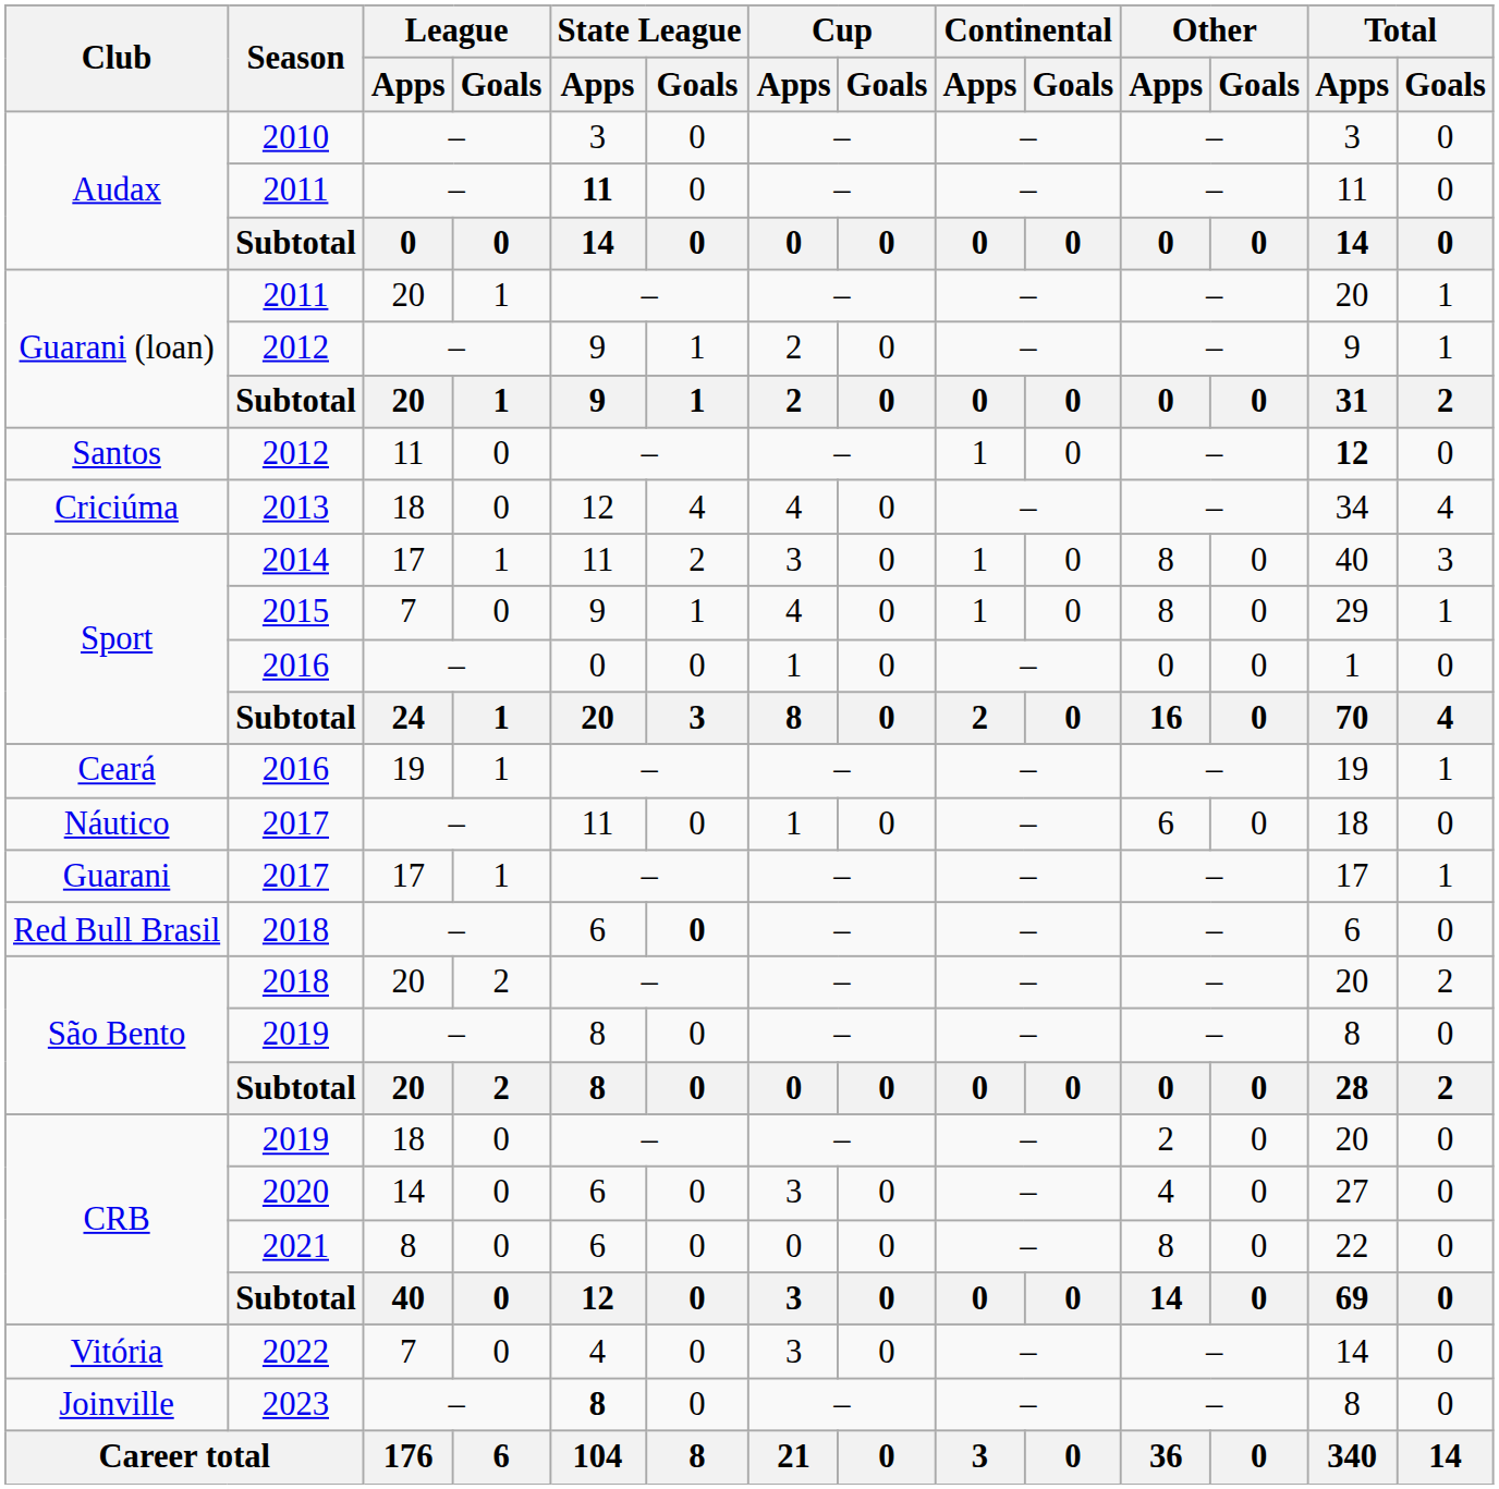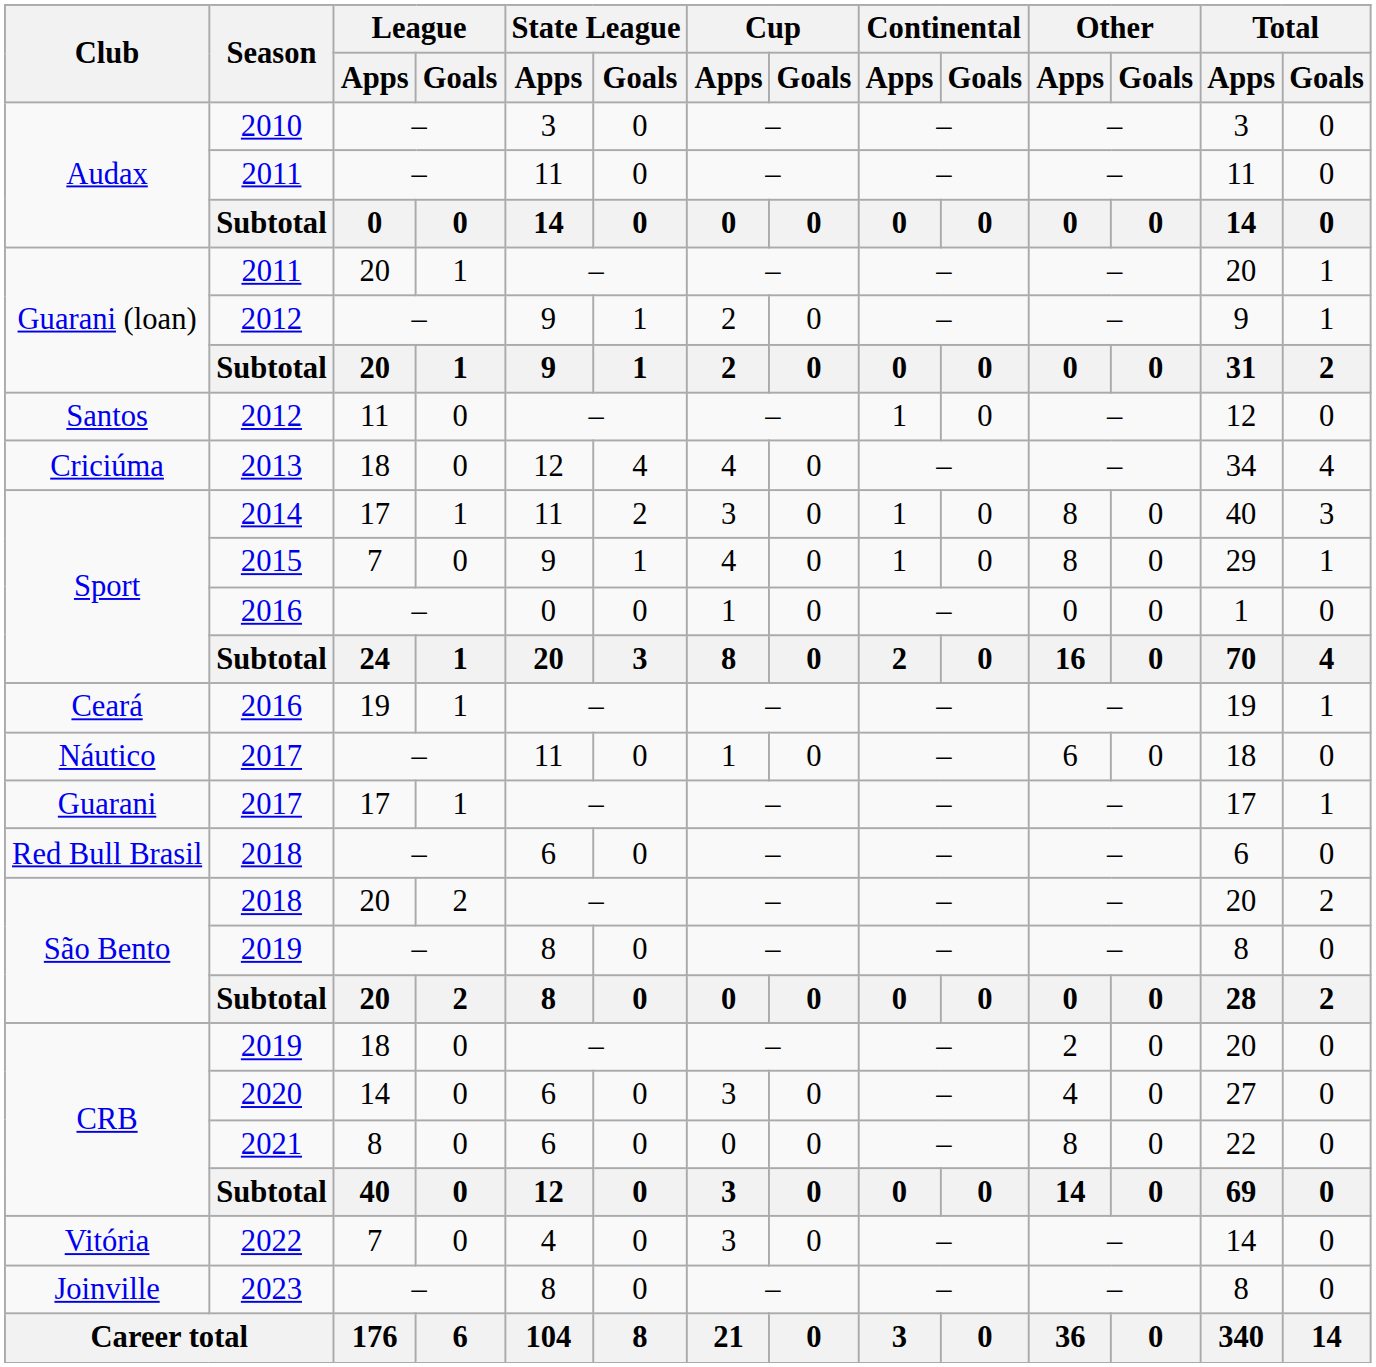 <table class="wikitable" style="text-align: center;">
 <tr>
 <th rowspan="2">Club</th>
 <th rowspan="2">Season</th>
 <th colspan="2">League</th>
 <th colspan="2">State League</th>
 <th colspan="2">Cup</th>
 <th colspan="2">Continental</th>
 <th colspan="2">Other</th>
 <th colspan="2">Total</th>
 </tr>
 <tr>
 <th>Apps</th>
 <th>Goals</th>
 <th>Apps</th>
 <th>Goals</th>
 <th>Apps</th>
 <th>Goals</th>
 <th>Apps</th>
 <th>Goals</th>
 <th>Apps</th>
 <th>Goals</th>
 <th>Apps</th>
 <th>Goals</th>
 </tr>
 <tr>
 <td rowspan="3" valign="center"><a href='#'>Audax</a></td>
 <td><a href='#'>2010</a></td>
 <td colspan=2>–</td>
 <td>3</td>
 <td>0</td>
 <td colspan=2>–</td>
 <td colspan=2>–</td>
 <td colspan=2>–</td>
 <td>3</td>
 <td>0</td>
 </tr>
 <tr>
 <td><a href='#'>2011</a></td>
 <td colspan=2>–</td>
-<td><strong>11</strong></td>
+<td>11</td>
 <td>0</td>
 <td colspan=2>–</td>
 <td colspan=2>–</td>
 <td colspan=2>–</td>
 <td>11</td>
 <td>0</td>
 </tr>
 <tr>
 <th><strong>Subtotal</strong></th>
 <th>0</th>
 <th>0</th>
 <th>14</th>
 <th>0</th>
 <th>0</th>
 <th>0</th>
 <th>0</th>
 <th>0</th>
 <th>0</th>
 <th>0</th>
 <th>14</th>
 <th>0</th>
 </tr>
 <tr>
 <td rowspan="3" valign="center"><a href='#'>Guarani</a> (loan)</td>
 <td><a href='#'>2011</a></td>
 <td>20</td>
 <td>1</td>
 <td colspan=2>–</td>
 <td colspan=2>–</td>
 <td colspan=2>–</td>
 <td colspan=2>–</td>
 <td>20</td>
 <td>1</td>
 </tr>
 <tr>
 <td><a href='#'>2012</a></td>
 <td colspan=2>–</td>
 <td>9</td>
 <td>1</td>
 <td>2</td>
 <td>0</td>
 <td colspan=2>–</td>
 <td colspan=2>–</td>
 <td>9</td>
 <td>1</td>
 </tr>
 <tr>
 <th><strong>Subtotal</strong></th>
 <th>20</th>
 <th>1</th>
 <th>9</th>
 <th>1</th>
 <th>2</th>
 <th>0</th>
 <th>0</th>
 <th>0</th>
 <th>0</th>
 <th>0</th>
 <th>31</th>
 <th>2</th>
 </tr>
 <tr>
 <td rowspan="1" valign="center"><a href='#'>Santos</a></td>
 <td><a href='#'>2012</a></td>
 <td>11</td>
 <td>0</td>
 <td colspan=2>–</td>
 <td colspan=2>–</td>
 <td>1</td>
 <td>0</td>
 <td colspan=2>–</td>
-<td><strong>12</strong></td>
+<td>12</td>
 <td>0</td>
 </tr>
 <tr>
 <td rowspan="1" valign="center"><a href='#'>Criciúma</a></td>
 <td><a href='#'>2013</a></td>
 <td>18</td>
 <td>0</td>
 <td>12</td>
 <td>4</td>
 <td>4</td>
 <td>0</td>
 <td colspan=2>–</td>
 <td colspan=2>–</td>
 <td>34</td>
 <td>4</td>
 </tr>
 <tr>
 <td rowspan="4" valign="center"><a href='#'>Sport</a></td>
 <td><a href='#'>2014</a></td>
 <td>17</td>
 <td>1</td>
 <td>11</td>
 <td>2</td>
 <td>3</td>
 <td>0</td>
 <td>1</td>
 <td>0</td>
 <td>8</td>
 <td>0</td>
 <td>40</td>
 <td>3</td>
 </tr>
 <tr>
 <td><a href='#'>2015</a></td>
 <td>7</td>
 <td>0</td>
 <td>9</td>
 <td>1</td>
 <td>4</td>
 <td>0</td>
 <td>1</td>
 <td>0</td>
 <td>8</td>
 <td>0</td>
 <td>29</td>
 <td>1</td>
 </tr>
 <tr>
 <td><a href='#'>2016</a></td>
 <td colspan=2>–</td>
 <td>0</td>
 <td>0</td>
 <td>1</td>
 <td>0</td>
 <td colspan=2>–</td>
 <td>0</td>
 <td>0</td>
 <td>1</td>
 <td>0</td>
 </tr>
 <tr>
 <th><strong>Subtotal</strong></th>
 <th>24</th>
 <th>1</th>
 <th>20</th>
 <th>3</th>
 <th>8</th>
 <th>0</th>
 <th>2</th>
 <th>0</th>
 <th>16</th>
 <th>0</th>
 <th>70</th>
 <th>4</th>
 </tr>
 <tr>
 <td rowspan="1" valign="center"><a href='#'>Ceará</a></td>
 <td><a href='#'>2016</a></td>
 <td>19</td>
 <td>1</td>
 <td colspan=2>–</td>
 <td colspan=2>–</td>
 <td colspan=2>–</td>
 <td colspan=2>–</td>
 <td>19</td>
 <td>1</td>
 </tr>
 <tr>
 <td rowspan="1" valign="center"><a href='#'>Náutico</a></td>
 <td><a href='#'>2017</a></td>
 <td colspan=2>–</td>
 <td>11</td>
 <td>0</td>
 <td>1</td>
 <td>0</td>
 <td colspan=2>–</td>
 <td>6</td>
 <td>0</td>
 <td>18</td>
 <td>0</td>
 </tr>
 <tr>
 <td rowspan="1" valign="center"><a href='#'>Guarani</a></td>
 <td><a href='#'>2017</a></td>
 <td>17</td>
 <td>1</td>
 <td colspan=2>–</td>
 <td colspan=2>–</td>
 <td colspan=2>–</td>
 <td colspan=2>–</td>
 <td>17</td>
 <td>1</td>
 </tr>
 <tr>
 <td rowspan="1" valign="center"><a href='#'>Red Bull Brasil</a></td>
 <td><a href='#'>2018</a></td>
 <td colspan=2>–</td>
 <td>6</td>
-<td><strong>0</strong></td>
+<td>0</td>
 <td colspan=2>–</td>
 <td colspan=2>–</td>
 <td colspan=2>–</td>
 <td>6</td>
 <td>0</td>
 </tr>
 <tr>
 <td rowspan="3" valign="center"><a href='#'>São Bento</a></td>
 <td><a href='#'>2018</a></td>
 <td>20</td>
 <td>2</td>
 <td colspan=2>–</td>
 <td colspan=2>–</td>
 <td colspan=2>–</td>
 <td colspan=2>–</td>
 <td>20</td>
 <td>2</td>
 </tr>
 <tr>
 <td><a href='#'>2019</a></td>
 <td colspan=2>–</td>
 <td>8</td>
 <td>0</td>
 <td colspan=2>–</td>
 <td colspan=2>–</td>
 <td colspan=2>–</td>
 <td>8</td>
 <td>0</td>
 </tr>
 <tr>
 <th><strong>Subtotal</strong></th>
 <th>20</th>
 <th>2</th>
 <th>8</th>
 <th>0</th>
 <th>0</th>
 <th>0</th>
 <th>0</th>
 <th>0</th>
 <th>0</th>
 <th>0</th>
 <th>28</th>
 <th>2</th>
 </tr>
 <tr>
 <td rowspan="4" valign="center"><a href='#'>CRB</a></td>
 <td><a href='#'>2019</a></td>
 <td>18</td>
 <td>0</td>
 <td colspan=2>–</td>
 <td colspan=2>–</td>
 <td colspan=2>–</td>
 <td>2</td>
 <td>0</td>
 <td>20</td>
 <td>0</td>
 </tr>
 <tr>
 <td><a href='#'>2020</a></td>
 <td>14</td>
 <td>0</td>
 <td>6</td>
 <td>0</td>
 <td>3</td>
 <td>0</td>
 <td colspan=2>–</td>
 <td>4</td>
 <td>0</td>
 <td>27</td>
 <td>0</td>
 </tr>
 <tr>
 <td><a href='#'>2021</a></td>
 <td>8</td>
 <td>0</td>
 <td>6</td>
 <td>0</td>
 <td>0</td>
 <td>0</td>
 <td colspan=2>–</td>
 <td>8</td>
 <td>0</td>
 <td>22</td>
 <td>0</td>
 </tr>
 <tr>
 <th><strong>Subtotal</strong></th>
 <th>40</th>
 <th>0</th>
 <th>12</th>
 <th>0</th>
 <th>3</th>
 <th>0</th>
 <th>0</th>
 <th>0</th>
 <th>14</th>
 <th>0</th>
 <th>69</th>
 <th>0</th>
 </tr>
 <tr>
 <td rowspan="1" valign="center"><a href='#'>Vitória</a></td>
 <td><a href='#'>2022</a></td>
 <td>7</td>
 <td>0</td>
 <td>4</td>
 <td>0</td>
 <td>3</td>
 <td>0</td>
 <td colspan=2>–</td>
 <td colspan=2>–</td>
 <td>14</td>
 <td>0</td>
 </tr>
 <tr>
 <td rowspan="1" valign="center"><a href='#'>Joinville</a></td>
 <td><a href='#'>2023</a></td>
 <td colspan=2>–</td>
-<td><strong>8</strong></td>
+<td>8</td>
 <td>0</td>
 <td colspan=2>–</td>
 <td colspan=2>–</td>
 <td colspan=2>–</td>
 <td>8</td>
 <td>0</td>
 </tr>
 <tr>
 <th colspan="2"><strong>Career total</strong></th>
 <th>176</th>
 <th>6</th>
 <th>104</th>
 <th>8</th>
 <th>21</th>
 <th>0</th>
 <th>3</th>
 <th>0</th>
 <th>36</th>
 <th>0</th>
 <th>340</th>
 <th>14</th>
 </tr>
 </table>
